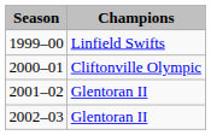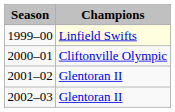 <table class="wikitable">
 <tr>
 <th style="background:silver;">Season</th>
 <th style="background:silver;">Champions</th>
 </tr>
 <tr>
 <td>1999–00</td>
-<td><a href='#'>Linfield Swifts</a></td>
+<td style="background: lightyellow;"><a href='#'>Linfield Swifts</a></td>
 </tr>
 <tr>
 <td>2000–01</td>
 <td><a href='#'>Cliftonville Olympic</a></td>
 </tr>
 <tr>
 <td>2001–02</td>
 <td><a href='#'>Glentoran II</a></td>
 </tr>
 <tr>
 <td>2002–03</td>
 <td><a href='#'>Glentoran II</a></td>
 </tr>
 </table>
